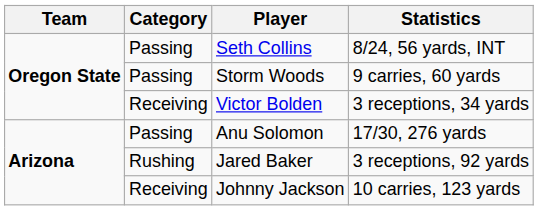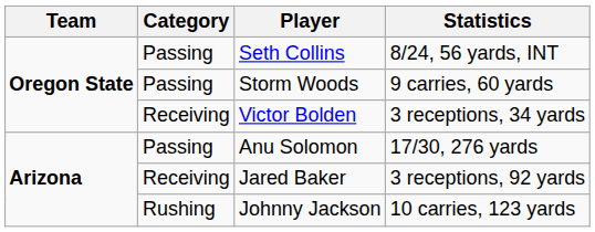 <table class="wikitable" style="float: right;">
 <tr>
 <th>Team</th>
 <th>Category</th>
 <th>Player</th>
 <th>Statistics</th>
 </tr>
 <tr>
 <td rowspan=3><strong>Oregon State</strong></td>
 <td>Passing</td>
 <td><a href='#'>Seth Collins</a></td>
 <td>8/24, 56 yards, INT</td>
 </tr>
 <tr>
 <td>Passing</td>
 <td>Storm Woods</td>
 <td>9 carries, 60 yards</td>
 </tr>
 <tr>
 <td>Receiving</td>
 <td><a href='#'>Victor Bolden</a></td>
 <td>3 receptions, 34 yards</td>
 </tr>
 <tr>
 <td rowspan=3><strong>Arizona</strong></td>
 <td>Passing</td>
 <td>Anu Solomon</td>
 <td>17/30, 276 yards</td>
 </tr>
 <tr>
-<td>Rushing</td>
+<td>Receiving</td>
 <td>Jared Baker</td>
 <td>3 receptions, 92 yards</td>
 </tr>
 <tr>
-<td>Receiving</td>
+<td>Rushing</td>
 <td>Johnny Jackson</td>
 <td>10 carries, 123 yards</td>
 </tr>
 </table>
